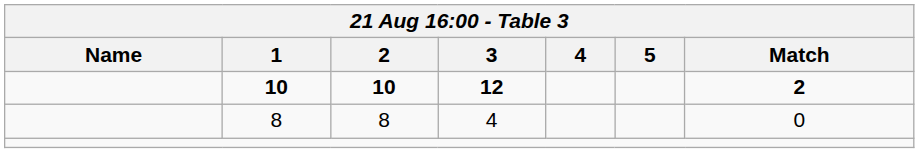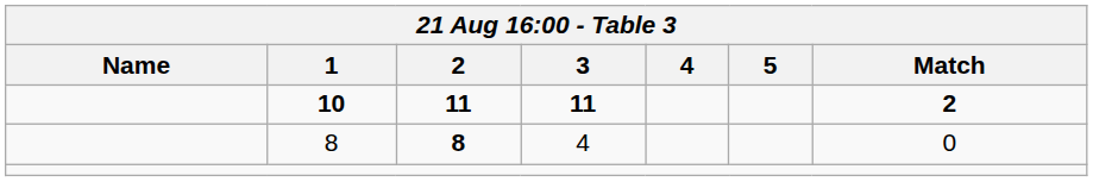 <table class=wikitable style="text-align:center; width: 55%">
 <tr>
 <th colspan=17><em>21 Aug 16:00 - Table 3</em></th>
 </tr>
 <tr>
 <th>Name</th>
 <th>1</th>
 <th>2</th>
 <th>3</th>
 <th>4</th>
 <th>5</th>
 <th>Match</th>
 </tr>
 <tr>
 <td style="text-align:left;"><strong></strong></td>
 <td><strong>10</strong></td>
-<td><strong>10</strong></td>
-<td><strong>12</strong></td>
+<td><strong>11</strong></td>
+<td><strong>11</strong></td>
 <td></td>
 <td></td>
 <td><strong>2</strong></td>
 </tr>
 <tr>
 <td style="text-align:left;"></td>
 <td>8</td>
-<td>8</td>
+<td><strong>8</strong></td>
 <td>4</td>
 <td></td>
 <td></td>
 <td>0</td>
 </tr>
 <tr>
 <td colspan=17></td>
 </tr>
 </table>
